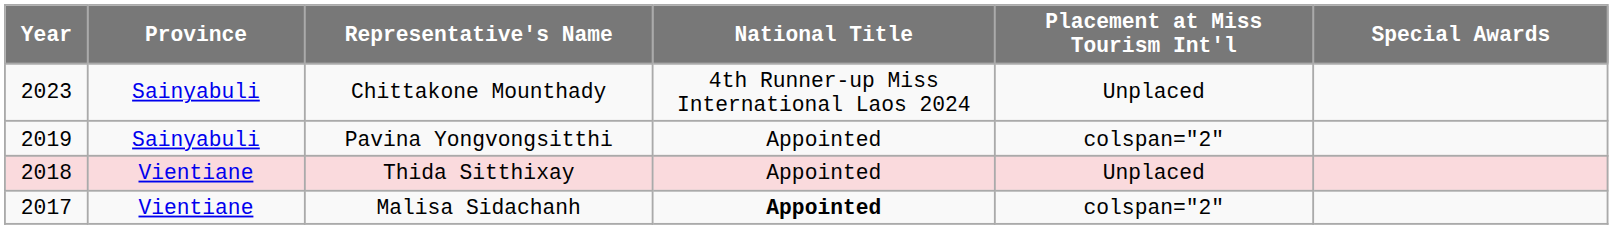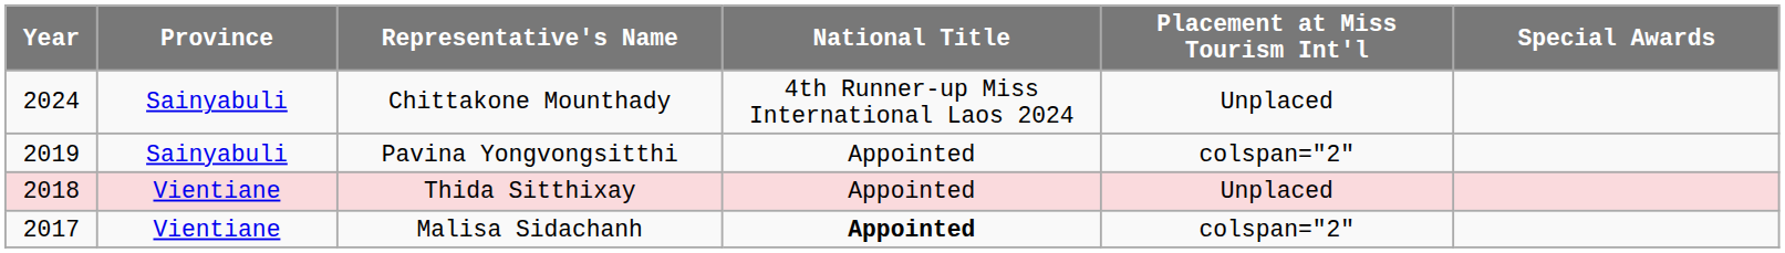 <table class="wikitable " style="font-size: 89%; text-align:center">
 <tr>
 <th width="50" style="background-color:#787878;color:#FFFFFF;">Year</th>
 <th width="150" style="background-color:#787878;color:#FFFFFF;">Province</th>
 <th width="250" style="background-color:#787878;color:#FFFFFF;">Representative's Name</th>
 <th width="260" style="background-color:#787878;color:#FFFFFF;">National Title</th>
 <th width="250" style="background-color:#787878;color:#FFFFFF;">Placement at Miss Tourism Int'l</th>
 <th width="250" style="background-color:#787878;color:#FFFFFF;">Special Awards</th>
 </tr>
 <tr>
-<td>2023</td>
+<td>2024</td>
 <td><a href='#'>Sainyabuli</a></td>
 <td>Chittakone Mounthady</td>
 <td>4th Runner-up Miss International Laos 2024</td>
 <td>Unplaced</td>
 <td></td>
 </tr>
 <tr>
 <td>2019</td>
 <td><a href='#'>Sainyabuli</a></td>
 <td>Pavina Yongvongsitthi</td>
 <td>Appointed</td>
 <td>colspan="2" </td>
 </tr>
 <tr style="background-color:#FADADD;">
 <td>2018</td>
 <td><a href='#'>Vientiane</a></td>
 <td>Thida Sitthixay</td>
 <td>Appointed</td>
 <td>Unplaced</td>
 <td style="background:;"></td>
 </tr>
 <tr>
 <td>2017</td>
 <td><a href='#'>Vientiane</a></td>
 <td>Malisa Sidachanh</td>
 <td><strong>Appointed</strong></td>
 <td>colspan="2" </td>
 </tr>
 </table>
